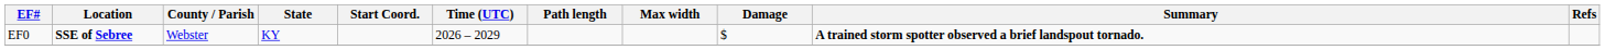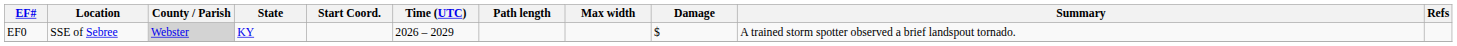 <table class="wikitable sortable" style="width:100%;">
 <tr>
 <th scope="col" width="3%" align="center"><a href='#'>EF#</a></th>
 <th scope="col" width="7%" align="center" class="unsortable">Location</th>
 <th scope="col" width="6%" align="center" class="unsortable">County / Parish</th>
 <th scope="col" width="5%" align="center">State</th>
 <th scope="col" width="6%" align="center">Start Coord.</th>
 <th scope="col" width="6%" align="center">Time (<a href='#'>UTC</a>)</th>
 <th scope="col" width="6%" align="center">Path length</th>
 <th scope="col" width="6%" align="center">Max width</th>
 <th scope="col" width="6%" align="center">Damage</th>
 <th scope="col" width="48%" class="unsortable" align="center">Summary</th>
 <th scope="col" width="48%" class="unsortable" align="center">Refs</th>
 </tr>
 <tr>
 <td>EF0</td>
-<td><strong>SSE of <a href='#'>Sebree</a></strong></td>
-<td><a href='#'>Webster</a></td>
+<td>SSE of <a href='#'>Sebree</a></td>
+<td style="background: lightgrey;"><a href='#'>Webster</a></td>
 <td><a href='#'>KY</a></td>
 <td></td>
 <td>2026 – 2029</td>
 <td></td>
 <td></td>
 <td>$</td>
-<td><strong>A trained storm spotter observed a brief landspout tornado.</strong></td>
+<td>A trained storm spotter observed a brief landspout tornado.</td>
 <td></td>
 </tr>
 <tr>
 </tr>
 </table>
